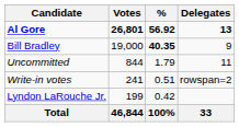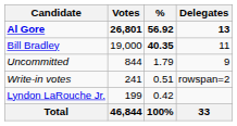 <table class="wikitable sortable" style="text-align:right;">
 <tr>
 <th>Candidate</th>
 <th>Votes</th>
 <th>%</th>
 <th>Delegates</th>
 </tr>
 <tr>
 <td style="text-align:left;" data-sort-value="Gore, Al"><strong><a href='#'>Al Gore</a></strong></td>
 <td><strong>26,801</strong></td>
 <td><strong>56.92</strong></td>
 <td><strong>13</strong></td>
 </tr>
 <tr>
 <td style="text-align:left;" data-sort-value="Bradley, Bill"><a href='#'>Bill Bradley</a></td>
 <td>19,000</td>
 <td><strong>40.35</strong></td>
-<td>9</td>
+<td>11</td>
 </tr>
 <tr>
 <td style="text-align:left;" data-sort-value="ZZZ"><em>Uncommitted</em></td>
 <td>844</td>
 <td>1.79</td>
-<td>11</td>
+<td>9</td>
 </tr>
 <tr>
 <td style="text-align:left;" data-sort-value="ZZZ"><em>Write-in votes</em></td>
 <td>241</td>
 <td>0.51</td>
 <td>rowspan=2 </td>
 </tr>
 <tr>
 <td style="text-align:left;" data-sort-value="LaRouche Jr., Lyndon"><a href='#'>Lyndon LaRouche Jr.</a></td>
 <td>199</td>
 <td>0.42</td>
 </tr>
 <tr>
 <th>Total</th>
 <th>46,844</th>
 <th>100%</th>
 <th>33</th>
 </tr>
 </table>
